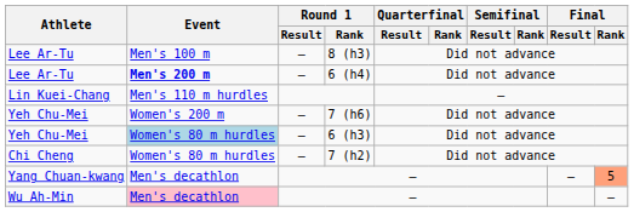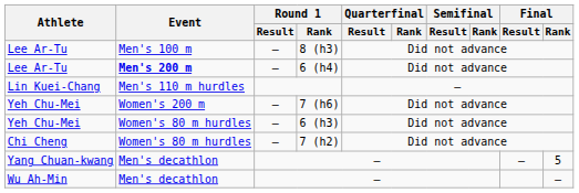 <table class="wikitable" style="font-size:90%; text-align:center">
 <tr>
 <th rowspan="2">Athlete</th>
 <th rowspan="2">Event</th>
 <th colspan="2">Round 1</th>
 <th colspan="2">Quarterfinal</th>
 <th colspan="2">Semifinal</th>
 <th colspan="2">Final</th>
 </tr>
 <tr style="font-size:95%">
 <th>Result</th>
 <th>Rank</th>
 <th>Result</th>
 <th>Rank</th>
 <th>Result</th>
 <th>Rank</th>
 <th>Result</th>
 <th>Rank</th>
 </tr>
 <tr>
 <td align="left"><a href='#'>Lee Ar-Tu</a></td>
 <td align="left"><a href='#'>Men's 100 m</a></td>
 <td>—</td>
 <td>8 (h3)</td>
 <td colspan="6">Did not advance</td>
 </tr>
 <tr>
 <td align="left"><a href='#'>Lee Ar-Tu</a></td>
 <td align="left"><strong><a href='#'>Men's 200 m</a></strong></td>
 <td>—</td>
 <td>6 (h4)</td>
 <td colspan="6">Did not advance</td>
 </tr>
 <tr>
 <td align="left"><a href='#'>Lin Kuei-Chang</a></td>
 <td align="left"><a href='#'>Men's 110 m hurdles</a></td>
 <td colspan="2"></td>
 <td colspan="6">—</td>
 </tr>
 <tr>
 <td align="left"><a href='#'>Yeh Chu-Mei</a></td>
 <td align="left"><a href='#'>Women's 200 m</a></td>
 <td>—</td>
 <td>7 (h6)</td>
 <td colspan="6">Did not advance</td>
 </tr>
 <tr>
 <td align="left"><a href='#'>Yeh Chu-Mei</a></td>
-<td align="left" style="background: lightblue;"><a href='#'>Women's 80 m hurdles</a></td>
+<td align="left"><a href='#'>Women's 80 m hurdles</a></td>
 <td>—</td>
 <td>6 (h3)</td>
 <td colspan="6">Did not advance</td>
 </tr>
 <tr>
 <td align="left"><a href='#'>Chi Cheng</a></td>
 <td align="left"><a href='#'>Women's 80 m hurdles</a></td>
 <td>—</td>
 <td>7 (h2)</td>
 <td colspan="6">Did not advance</td>
 </tr>
 <tr>
 <td align="left"><a href='#'>Yang Chuan-kwang</a></td>
 <td align="left"><a href='#'>Men's decathlon</a></td>
 <td colspan="6">—</td>
 <td>—</td>
-<td style="background: lightsalmon;">5</td>
+<td>5</td>
 </tr>
 <tr>
 <td align="left"><a href='#'>Wu Ah-Min</a></td>
-<td align="left" style="background: pink;"><a href='#'>Men's decathlon</a></td>
+<td align="left"><a href='#'>Men's decathlon</a></td>
 <td colspan="6">—</td>
 <td></td>
 <td>—</td>
 </tr>
 </table>
